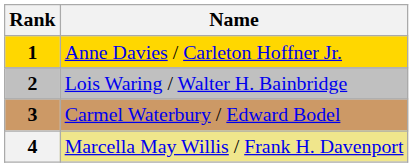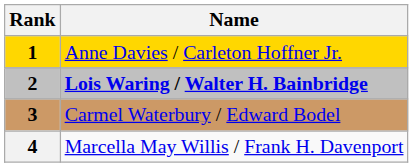 <table class="wikitable">
 <tr>
 <th>Rank</th>
 <th>Name</th>
 </tr>
 <tr bgcolor="gold">
 <td align="center"><strong>1</strong></td>
 <td><a href='#'>Anne Davies</a> / <a href='#'>Carleton Hoffner Jr.</a></td>
 </tr>
 <tr bgcolor="silver">
 <td align="center"><strong>2</strong></td>
-<td><a href='#'>Lois Waring</a> / <a href='#'>Walter H. Bainbridge</a></td>
+<td><strong><a href='#'>Lois Waring</a> / <a href='#'>Walter H. Bainbridge</a></strong></td>
 </tr>
 <tr bgcolor="cc9966">
 <td align="center"><strong>3</strong></td>
 <td><a href='#'>Carmel Waterbury</a> / <a href='#'>Edward Bodel</a></td>
 </tr>
 <tr>
 <th>4</th>
-<td style="background: khaki;"><a href='#'>Marcella May Willis</a> / <a href='#'>Frank H. Davenport</a></td>
+<td><a href='#'>Marcella May Willis</a> / <a href='#'>Frank H. Davenport</a></td>
 </tr>
 </table>
